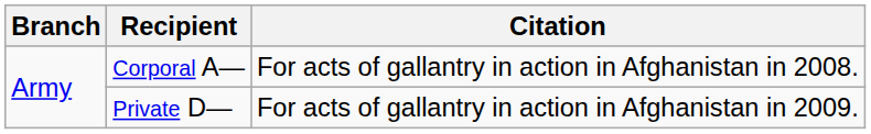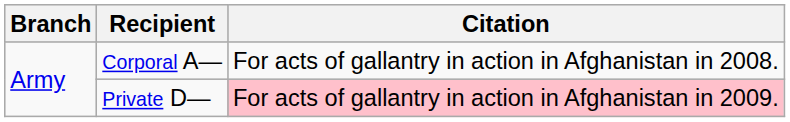 <table class="wikitable" style="font-size:95%;">
 <tr>
 <th>Branch</th>
 <th>Recipient</th>
 <th>Citation</th>
 </tr>
 <tr>
 <td rowspan="2"><a href='#'>Army</a></td>
 <td><small><a href='#'>Corporal</a></small> A—</td>
 <td>For acts of gallantry in action in Afghanistan in 2008.</td>
 </tr>
 <tr>
 <td><small><a href='#'>Private</a></small> D—</td>
-<td>For acts of gallantry in action in Afghanistan in 2009.</td>
+<td style="background: pink;">For acts of gallantry in action in Afghanistan in 2009.</td>
 </tr>
 </table>
